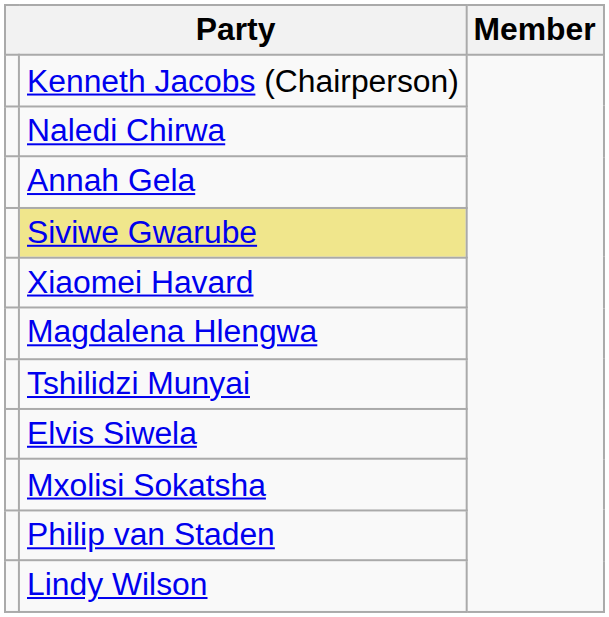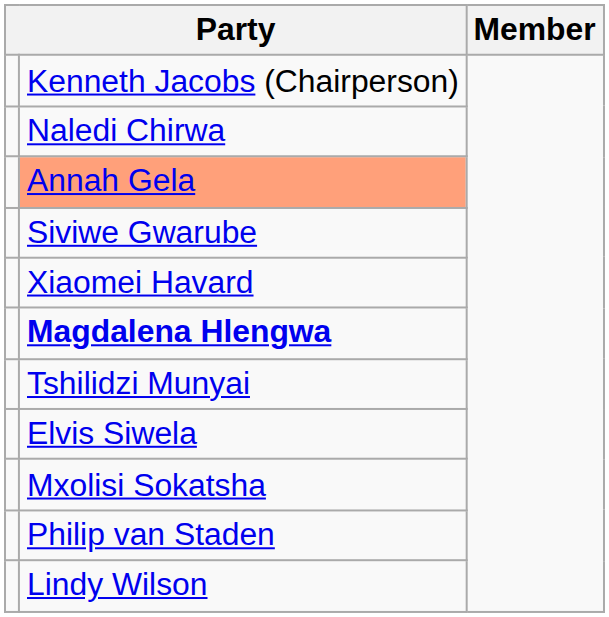 <table class="wikitable" border="1">
 <tr>
 <th colspan="2" scope="col">Party</th>
 <th scope="col">Member</th>
 </tr>
 <tr>
 <td></td>
 <td><a href='#'>Kenneth Jacobs</a> (Chairperson)</td>
 </tr>
 <tr>
 <td></td>
 <td><a href='#'>Naledi Chirwa</a></td>
 </tr>
 <tr>
 <td></td>
-<td><a href='#'>Annah Gela</a></td>
+<td style="background: lightsalmon;"><a href='#'>Annah Gela</a></td>
 </tr>
 <tr>
 <td></td>
-<td style="background: khaki;"><a href='#'>Siviwe Gwarube</a></td>
+<td><a href='#'>Siviwe Gwarube</a></td>
 </tr>
 <tr>
 <td></td>
 <td><a href='#'>Xiaomei Havard</a></td>
 </tr>
 <tr>
 <td></td>
-<td><a href='#'>Magdalena Hlengwa</a></td>
+<td><strong><a href='#'>Magdalena Hlengwa</a></strong></td>
 </tr>
 <tr>
 <td></td>
 <td><a href='#'>Tshilidzi Munyai</a></td>
 </tr>
 <tr>
 <td></td>
 <td><a href='#'>Elvis Siwela</a></td>
 </tr>
 <tr>
 <td></td>
 <td><a href='#'>Mxolisi Sokatsha</a></td>
 </tr>
 <tr>
 <td></td>
 <td><a href='#'>Philip van Staden</a></td>
 </tr>
 <tr>
 <td></td>
 <td><a href='#'>Lindy Wilson</a></td>
 </tr>
 </table>
